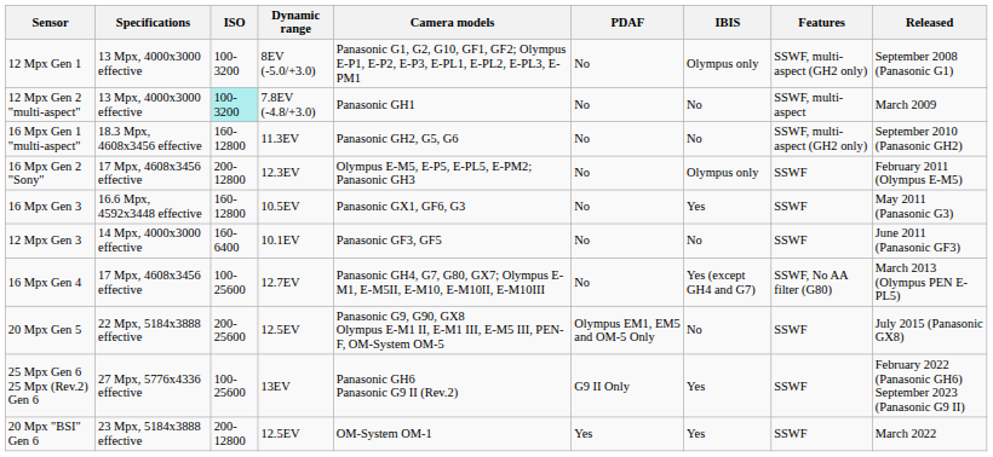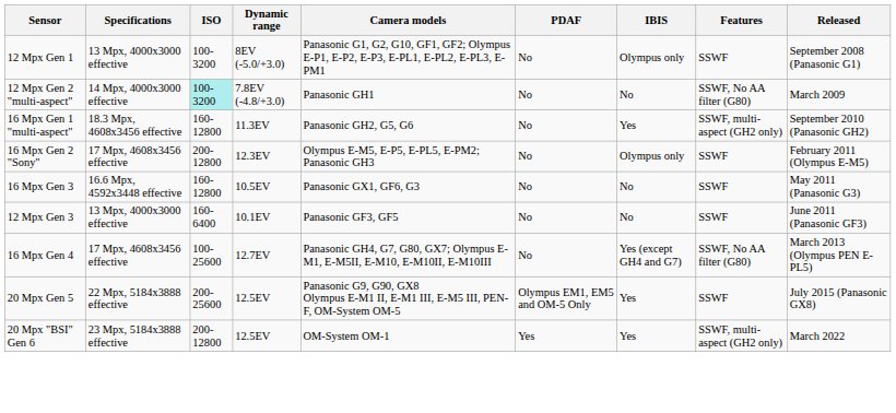 <table class="wikitable sortable" style= "border:darkgrey;">
 <tr>
 <th>Sensor</th>
 <th>Specifications</th>
 <th>ISO</th>
 <th>Dynamic range</th>
 <th>Camera models</th>
 <th>PDAF</th>
 <th>IBIS</th>
 <th>Features</th>
 <th>Released</th>
 </tr>
 <tr>
 <td>12 Mpx Gen 1</td>
 <td>13 Mpx, 4000x3000 effective</td>
 <td>100-3200</td>
 <td>8EV (-5.0/+3.0)</td>
 <td>Panasonic G1, G2, G10, GF1, GF2; Olympus E-P1, E-P2, E-P3, E-PL1, E-PL2, E-PL3, E-PM1</td>
 <td>No</td>
 <td>Olympus only</td>
-<td>SSWF, multi-aspect (GH2 only)</td>
+<td>SSWF</td>
 <td>September 2008 (Panasonic G1)</td>
 </tr>
 <tr>
 <td>12 Mpx Gen 2 "multi-aspect"</td>
-<td>13 Mpx, 4000x3000 effective</td>
+<td>14 Mpx, 4000x3000 effective</td>
 <td style="background: paleturquoise;">100-3200</td>
 <td>7.8EV (-4.8/+3.0)</td>
 <td>Panasonic GH1</td>
 <td>No</td>
 <td>No</td>
-<td>SSWF, multi-aspect</td>
+<td>SSWF, No AA filter (G80)</td>
 <td>March 2009</td>
 </tr>
 <tr>
 <td>16 Mpx Gen 1 "multi-aspect"</td>
 <td>18.3 Mpx, 4608x3456 effective</td>
 <td>160-12800</td>
 <td>11.3EV</td>
 <td>Panasonic GH2, G5, G6</td>
 <td>No</td>
-<td>No</td>
+<td>Yes</td>
 <td>SSWF, multi-aspect (GH2 only)</td>
 <td>September 2010 (Panasonic GH2)</td>
 </tr>
 <tr>
 <td>16 Mpx Gen 2 "Sony"</td>
 <td>17 Mpx, 4608x3456 effective</td>
 <td>200-12800</td>
 <td>12.3EV</td>
 <td>Olympus E-M5, E-P5, E-PL5, E-PM2; Panasonic GH3</td>
 <td>No</td>
 <td>Olympus only</td>
 <td>SSWF</td>
 <td>February 2011 (Olympus E-M5)</td>
 </tr>
 <tr>
 <td>16 Mpx Gen 3</td>
 <td>16.6 Mpx, 4592x3448 effective</td>
 <td>160-12800</td>
 <td>10.5EV</td>
 <td>Panasonic GX1, GF6, G3</td>
 <td>No</td>
-<td>Yes</td>
+<td>No</td>
 <td>SSWF</td>
 <td>May 2011 (Panasonic G3)</td>
 </tr>
 <tr>
 <td>12 Mpx Gen 3</td>
-<td>14 Mpx, 4000x3000 effective</td>
+<td>13 Mpx, 4000x3000 effective</td>
 <td>160-6400</td>
 <td>10.1EV</td>
 <td>Panasonic GF3, GF5</td>
 <td>No</td>
 <td>No</td>
 <td>SSWF</td>
 <td>June 2011 (Panasonic GF3)</td>
 </tr>
 <tr>
 <td>16 Mpx Gen 4</td>
 <td>17 Mpx, 4608x3456 effective</td>
 <td>100-25600</td>
 <td>12.7EV</td>
 <td>Panasonic GH4, G7, G80, GX7; Olympus E-M1, E-M5II, E-M10, E-M10II, E-M10III</td>
 <td>No</td>
 <td>Yes (except GH4 and G7)</td>
 <td>SSWF, No AA filter (G80)</td>
 <td>March 2013 (Olympus PEN E-PL5)</td>
 </tr>
 <tr>
 <td>20 Mpx Gen 5</td>
 <td>22 Mpx, 5184x3888 effective</td>
 <td>200-25600</td>
 <td>12.5EV</td>
 <td>Panasonic G9, G90, GX8<br>Olympus E-M1 II, E-M1 III, E-M5 III, PEN-F, OM-System OM-5</td>
 <td>Olympus EM1, EM5 and OM-5 Only</td>
-<td>No</td>
+<td>Yes</td>
 <td>SSWF</td>
 <td>July 2015 (Panasonic GX8)</td>
-</tr>
-<tr>
-<td>25 Mpx Gen 6<br>25 Mpx (Rev.2) Gen 6</td>
-<td>27 Mpx, 5776x4336 effective</td>
-<td>100-25600</td>
-<td>13EV</td>
-<td>Panasonic GH6<br>Panasonic G9 II (Rev.2)</td>
-<td>G9 II Only</td>
-<td>Yes</td>
-<td>SSWF</td>
-<td>February 2022 (Panasonic GH6)<br>September 2023  (Panasonic G9 II)</td>
 </tr>
 <tr>
 <td>20 Mpx "BSI" Gen 6</td>
 <td>23 Mpx, 5184x3888 effective</td>
 <td>200-12800</td>
 <td>12.5EV</td>
 <td>OM-System OM-1</td>
 <td>Yes</td>
 <td>Yes</td>
-<td>SSWF</td>
+<td>SSWF, multi-aspect (GH2 only)</td>
 <td>March 2022</td>
 </tr>
 </table>
